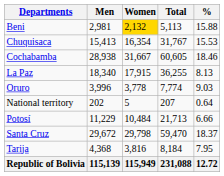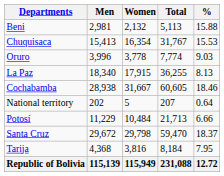 <table class="wikitable sortable">
 <tr>
 <th><a href='#'>Departments</a></th>
 <th>Men</th>
 <th>Women</th>
 <th>Total</th>
 <th>%</th>
 </tr>
 <tr>
 <td> <a href='#'>Beni</a></td>
 <td>2,981</td>
-<td style="background: gold;">2,132</td>
+<td>2,132</td>
 <td>5,113</td>
 <td>15.88</td>
 </tr>
 <tr>
 <td> <a href='#'>Chuquisaca</a></td>
 <td>15,413</td>
 <td>16,354</td>
 <td>31,767</td>
 <td>15.53</td>
 </tr>
 <tr>
-<td> <a href='#'>Cochabamba</a></td>
-<td>28,938</td>
-<td>31,667</td>
-<td>60,605</td>
-<td>18.46</td>
+<td> <a href='#'>Oruro</a></td>
+<td>3,996</td>
+<td>3,778</td>
+<td>7,774</td>
+<td>9.03</td>
 </tr>
 <tr>
 <td> <a href='#'>La Paz</a></td>
 <td>18,340</td>
 <td>17,915</td>
 <td>36,255</td>
 <td>8.13</td>
 </tr>
 <tr>
-<td> <a href='#'>Oruro</a></td>
-<td>3,996</td>
-<td>3,778</td>
-<td>7,774</td>
-<td>9.03</td>
+<td> <a href='#'>Cochabamba</a></td>
+<td>28,938</td>
+<td>31,667</td>
+<td>60,605</td>
+<td>18.46</td>
 </tr>
 <tr>
 <td>National territory</td>
 <td>202</td>
 <td>5</td>
 <td>207</td>
 <td>0.64</td>
 </tr>
 <tr>
 <td> <a href='#'>Potosí</a></td>
 <td>11,229</td>
 <td>10,484</td>
 <td>21,713</td>
 <td>6.66</td>
 </tr>
 <tr>
 <td> <a href='#'>Santa Cruz</a></td>
 <td>29,672</td>
 <td>29,798</td>
 <td>59,470</td>
 <td>18.37</td>
 </tr>
 <tr>
 <td>  <a href='#'>Tarija</a></td>
 <td>4,368</td>
 <td>3,816</td>
 <td>8,184</td>
 <td>7.95</td>
 </tr>
 <tr>
 <th> Republic of Bolivia</th>
 <th>115,139</th>
 <th>115,949</th>
 <th>231,088</th>
 <th>12.72</th>
 </tr>
 </table>
